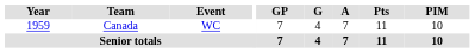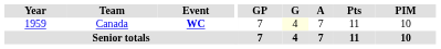 <table border="0" cellpadding="1" cellspacing="0" ID="Table3" style="text-align:center; width:40em">
 <tr bgcolor="#e0e0e0">
 <th>Year</th>
 <th>Team</th>
 <th>Event</th>
 <th rowspan="102" bgcolor="#ffffff"></th>
 <th>GP</th>
 <th>G</th>
 <th>A</th>
 <th>Pts</th>
 <th>PIM</th>
 </tr>
 <tr>
 <td><a href='#'>1959</a></td>
 <td><a href='#'>Canada</a></td>
-<td><a href='#'>WC</a></td>
+<td><strong><a href='#'>WC</a></strong></td>
 <td>7</td>
-<td>4</td>
+<td style="background: lightyellow;">4</td>
 <td>7</td>
 <td>11</td>
 <td>10</td>
 </tr>
 <tr bgcolor="#e0e0e0">
 <th colspan="4">Senior totals</th>
 <th>7</th>
 <th>4</th>
 <th>7</th>
 <th>11</th>
 <th>10</th>
 </tr>
 </table>
